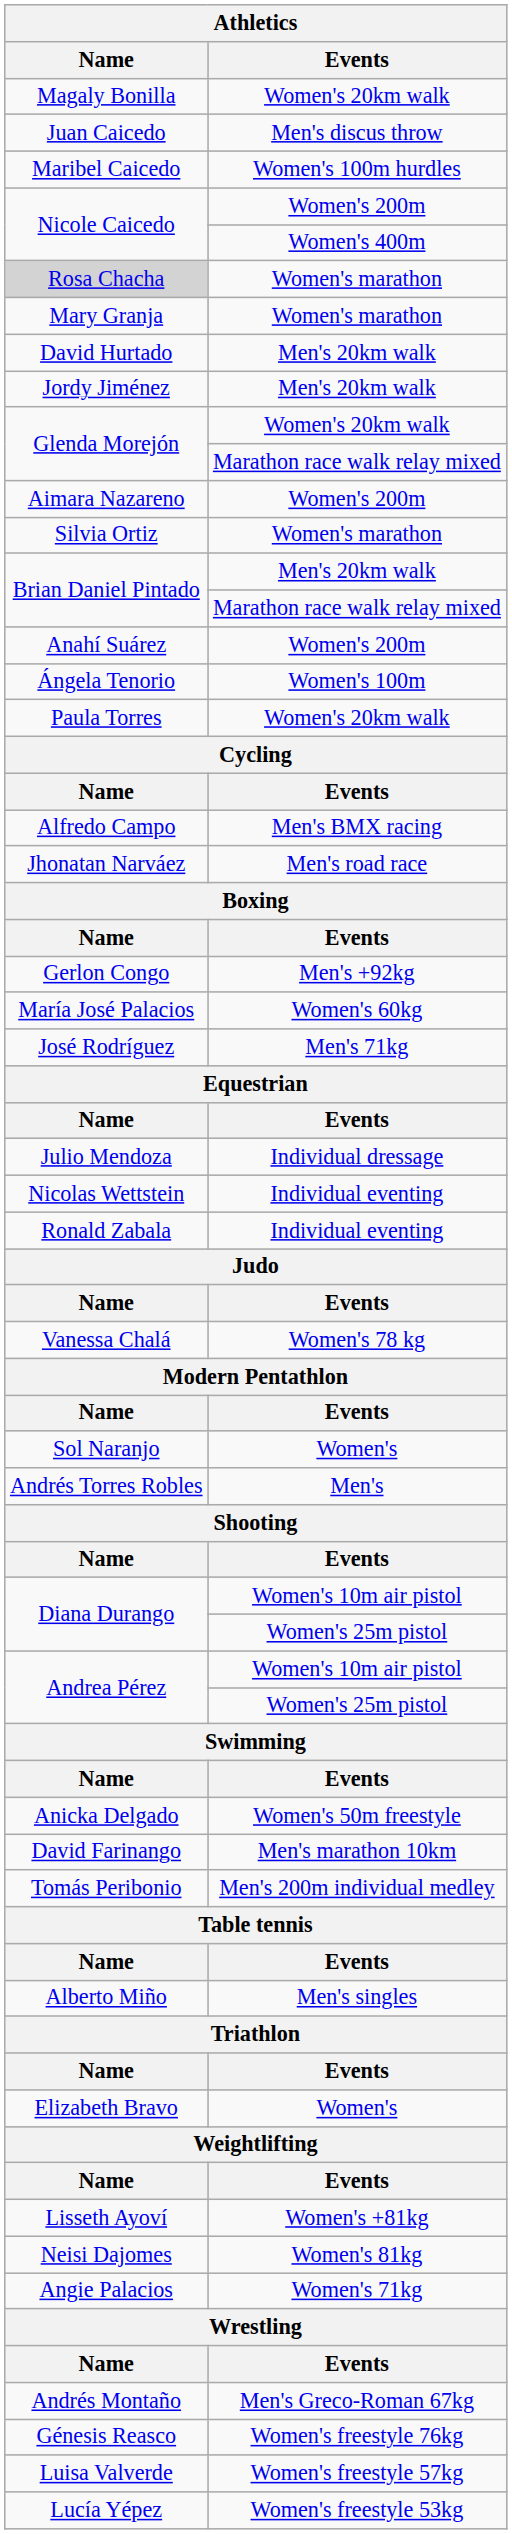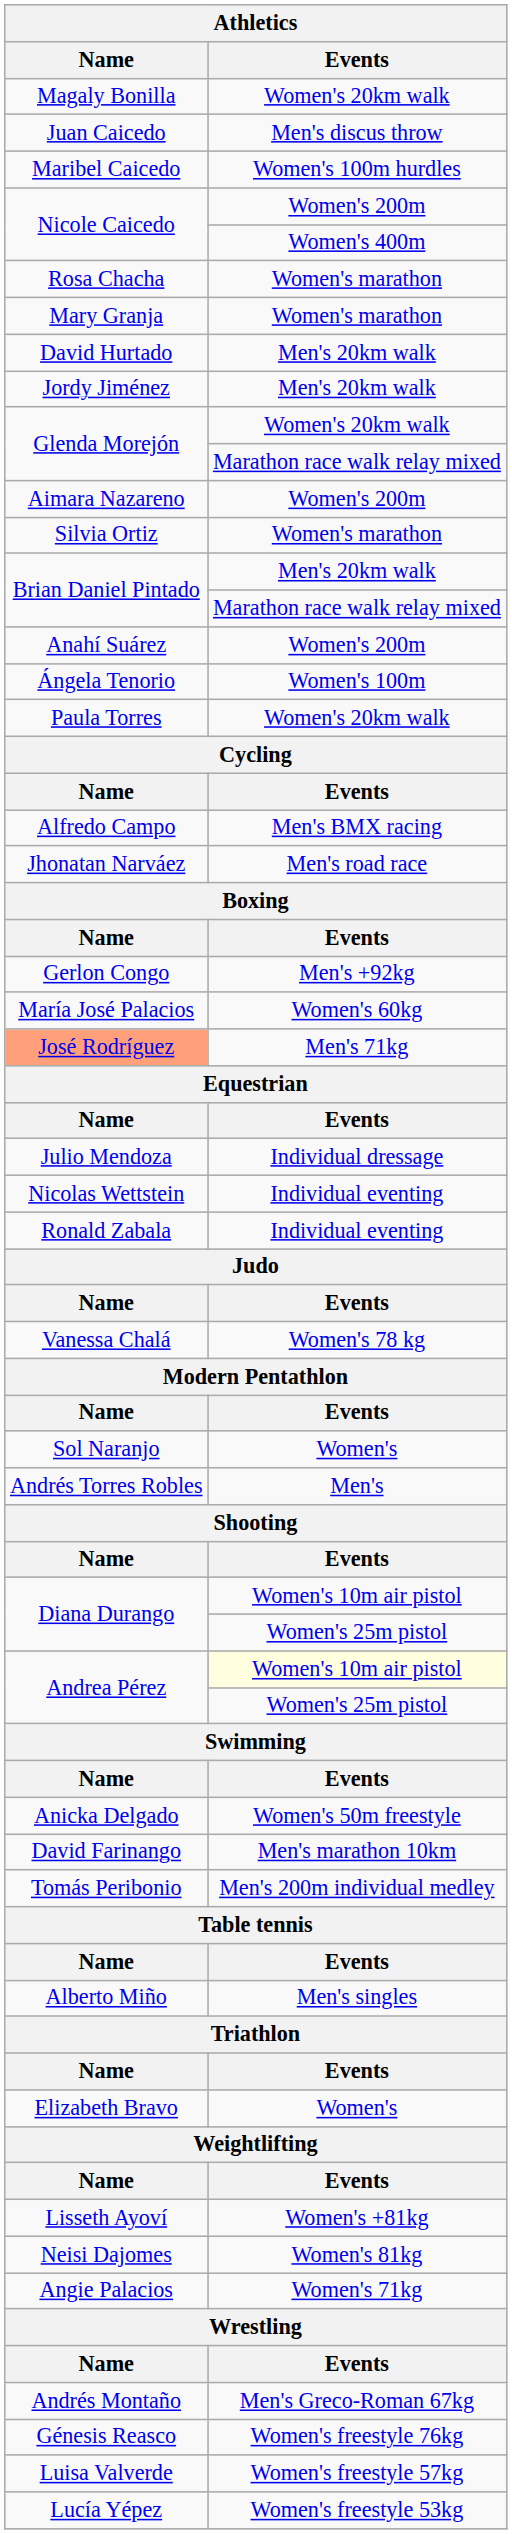 <table class="wikitable sortable" style="font-size:90%; text-align:center;">
 <tr style="background:#efefef;">
 <th colspan="4">Athletics</th>
 </tr>
 <tr align=center>
 <th><strong>Name</strong></th>
 <th><strong>Events</strong></th>
 </tr>
 <tr align=center>
 <td><a href='#'>Magaly Bonilla</a></td>
 <td><a href='#'>Women's 20km walk</a></td>
 </tr>
 <tr align=center>
 <td><a href='#'>Juan Caicedo</a></td>
 <td><a href='#'>Men's discus throw</a></td>
 </tr>
 <tr align=center>
 <td><a href='#'>Maribel Caicedo</a></td>
 <td><a href='#'>Women's 100m hurdles</a></td>
 </tr>
 <tr align=center>
 <td rowspan="2+"><a href='#'>Nicole Caicedo</a></td>
 <td><a href='#'>Women's 200m</a></td>
 </tr>
 <tr>
 <td><a href='#'>Women's 400m</a></td>
 </tr>
 <tr align=center>
-<td style="background: lightgrey;"><a href='#'>Rosa Chacha</a></td>
+<td><a href='#'>Rosa Chacha</a></td>
 <td><a href='#'>Women's marathon</a></td>
 </tr>
 <tr align=center>
 <td><a href='#'>Mary Granja</a></td>
 <td><a href='#'>Women's marathon</a></td>
 </tr>
 <tr align=center>
 <td><a href='#'>David Hurtado</a></td>
 <td><a href='#'>Men's 20km walk</a></td>
 </tr>
 <tr align=center>
 <td><a href='#'>Jordy Jiménez</a></td>
 <td><a href='#'>Men's 20km walk</a></td>
 </tr>
 <tr align=center>
 <td rowspan="2"><a href='#'>Glenda Morejón</a></td>
 <td><a href='#'>Women's 20km walk</a></td>
 </tr>
 <tr>
 <td><a href='#'>Marathon race walk relay mixed</a></td>
 </tr>
 <tr align=center>
 <td><a href='#'>Aimara Nazareno</a></td>
 <td><a href='#'>Women's 200m</a></td>
 </tr>
 <tr align=center>
 <td><a href='#'>Silvia Ortiz</a></td>
 <td><a href='#'>Women's marathon</a></td>
 </tr>
 <tr align=center>
 <td rowspan="2"><a href='#'>Brian Daniel Pintado</a></td>
 <td><a href='#'>Men's 20km walk</a></td>
 </tr>
 <tr>
 <td><a href='#'>Marathon race walk relay mixed</a></td>
 </tr>
 <tr align=center>
 <td><a href='#'>Anahí Suárez</a></td>
 <td><a href='#'>Women's 200m</a></td>
 </tr>
 <tr align=center>
 <td><a href='#'>Ángela Tenorio</a></td>
 <td><a href='#'>Women's 100m</a></td>
 </tr>
 <tr align=center>
 <td><a href='#'>Paula Torres</a></td>
 <td><a href='#'>Women's 20km walk</a></td>
 </tr>
 <tr style="background:#efefef;">
 <th colspan="4">Cycling</th>
 </tr>
 <tr align=center>
 <th><strong>Name</strong></th>
 <th><strong>Events</strong></th>
 </tr>
 <tr align=center>
 <td><a href='#'>Alfredo Campo</a></td>
 <td><a href='#'>Men's BMX racing</a></td>
 </tr>
 <tr align=center>
 <td><a href='#'>Jhonatan Narváez</a></td>
 <td><a href='#'>Men's road race</a></td>
 </tr>
 <tr style="background:#efefef;">
 <th colspan="4">Boxing</th>
 </tr>
 <tr align=center>
 <th><strong>Name</strong></th>
 <th><strong>Events</strong></th>
 </tr>
 <tr align=center>
 <td><a href='#'>Gerlon Congo</a></td>
 <td><a href='#'>Men's +92kg</a></td>
 </tr>
 <tr align=center>
 <td><a href='#'>María José Palacios</a></td>
 <td><a href='#'>Women's 60kg</a></td>
 </tr>
 <tr align=center>
-<td><a href='#'>José Rodríguez</a></td>
+<td style="background: lightsalmon;"><a href='#'>José Rodríguez</a></td>
 <td><a href='#'>Men's 71kg</a></td>
 </tr>
 <tr style="background:#efefef;">
 <th colspan="4">Equestrian</th>
 </tr>
 <tr align=center>
 <th><strong>Name</strong></th>
 <th><strong>Events</strong></th>
 </tr>
 <tr align=center>
 <td><a href='#'>Julio Mendoza</a></td>
 <td><a href='#'>Individual dressage</a></td>
 </tr>
 <tr>
 <td><a href='#'>Nicolas Wettstein</a></td>
 <td><a href='#'>Individual eventing</a></td>
 </tr>
 <tr>
 <td><a href='#'>Ronald Zabala</a></td>
 <td><a href='#'>Individual eventing</a></td>
 </tr>
 <tr style="background:#efefef;">
 <th colspan="4">Judo</th>
 </tr>
 <tr align=center>
 <th><strong>Name</strong></th>
 <th><strong>Events</strong></th>
 </tr>
 <tr align=center>
 <td><a href='#'>Vanessa Chalá</a></td>
 <td><a href='#'>Women's 78 kg</a></td>
 </tr>
 <tr style="background:#efefef;">
 <th colspan="4">Modern Pentathlon</th>
 </tr>
 <tr align=center>
 <th><strong>Name</strong></th>
 <th><strong>Events</strong></th>
 </tr>
 <tr align=center>
 <td><a href='#'>Sol Naranjo</a></td>
 <td><a href='#'>Women's</a></td>
 </tr>
 <tr align=center>
 <td><a href='#'>Andrés Torres Robles</a></td>
 <td><a href='#'>Men's</a></td>
 </tr>
 <tr>
 <th colspan="4">Shooting</th>
 </tr>
 <tr align=center>
 <th><strong>Name</strong></th>
 <th><strong>Events</strong></th>
 </tr>
 <tr align=center>
 <td rowspan="2"><a href='#'>Diana Durango</a></td>
 <td><a href='#'>Women's 10m air pistol</a></td>
 </tr>
 <tr>
 <td><a href='#'>Women's 25m pistol</a></td>
 </tr>
 <tr align=center>
 <td rowspan="2"><a href='#'>Andrea Pérez</a></td>
-<td><a href='#'>Women's 10m air pistol</a></td>
+<td style="background: lightyellow;"><a href='#'>Women's 10m air pistol</a></td>
 </tr>
 <tr>
 <td><a href='#'>Women's 25m pistol</a></td>
 </tr>
 <tr>
 <th colspan="4">Swimming</th>
 </tr>
 <tr align=center>
 <th><strong>Name</strong></th>
 <th><strong>Events</strong></th>
 </tr>
 <tr align=center>
 <td><a href='#'>Anicka Delgado</a></td>
 <td><a href='#'>Women's 50m freestyle</a></td>
 </tr>
 <tr align=center>
 <td><a href='#'>David Farinango</a></td>
 <td><a href='#'>Men's marathon 10km</a></td>
 </tr>
 <tr align=center>
 <td><a href='#'>Tomás Peribonio</a></td>
 <td><a href='#'>Men's 200m individual medley</a></td>
 </tr>
 <tr>
 <th colspan="4">Table tennis</th>
 </tr>
 <tr align=center>
 <th><strong>Name</strong></th>
 <th><strong>Events</strong></th>
 </tr>
 <tr align=center>
 <td><a href='#'>Alberto Miño</a></td>
 <td><a href='#'>Men's singles</a></td>
 </tr>
 <tr>
 <th colspan="4">Triathlon</th>
 </tr>
 <tr align=center>
 <th><strong>Name</strong></th>
 <th><strong>Events</strong></th>
 </tr>
 <tr align=center>
 <td><a href='#'>Elizabeth Bravo</a></td>
 <td><a href='#'>Women's</a></td>
 </tr>
 <tr>
 <th colspan="4">Weightlifting</th>
 </tr>
 <tr align=center>
 <th><strong>Name</strong></th>
 <th><strong>Events</strong></th>
 </tr>
 <tr align=center>
 <td><a href='#'>Lisseth Ayoví</a></td>
 <td><a href='#'>Women's +81kg</a></td>
 </tr>
 <tr>
 <td><a href='#'>Neisi Dajomes</a></td>
 <td><a href='#'>Women's 81kg</a></td>
 </tr>
 <tr>
 <td><a href='#'>Angie Palacios</a></td>
 <td><a href='#'>Women's 71kg</a></td>
 </tr>
 <tr>
 <th colspan="4">Wrestling</th>
 </tr>
 <tr align=center>
 <th><strong>Name</strong></th>
 <th><strong>Events</strong></th>
 </tr>
 <tr align=center>
 <td><a href='#'> Andrés Montaño</a></td>
 <td><a href='#'>Men's Greco-Roman 67kg</a></td>
 </tr>
 <tr align=center>
 <td><a href='#'>Génesis Reasco</a></td>
 <td><a href='#'>Women's freestyle 76kg</a></td>
 </tr>
 <tr align=center>
 <td><a href='#'>Luisa Valverde</a></td>
 <td><a href='#'>Women's freestyle 57kg</a></td>
 </tr>
 <tr align=center>
 <td><a href='#'>Lucía Yépez</a></td>
 <td><a href='#'>Women's freestyle 53kg</a></td>
 </tr>
 </table>
